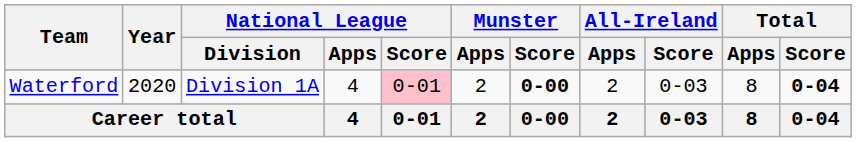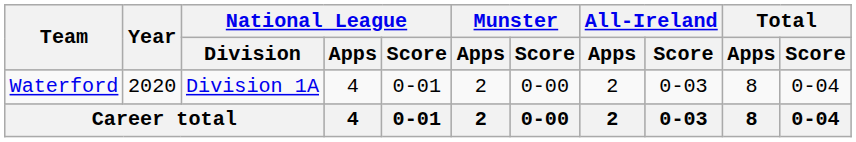 <table class="wikitable" style="text-align:center">
 <tr>
 <th rowspan="2">Team</th>
 <th rowspan="2">Year</th>
 <th colspan="3"><a href='#'>National League</a></th>
 <th colspan="2"><a href='#'>Munster</a></th>
 <th colspan="2"><a href='#'>All-Ireland</a></th>
 <th colspan="2">Total</th>
 </tr>
 <tr>
 <th>Division</th>
 <th>Apps</th>
 <th>Score</th>
 <th>Apps</th>
 <th>Score</th>
 <th>Apps</th>
 <th>Score</th>
 <th>Apps</th>
 <th>Score</th>
 </tr>
 <tr>
 <td rowspan="1"><a href='#'>Waterford</a></td>
 <td>2020</td>
 <td rowspan="1"><a href='#'>Division 1A</a></td>
 <td>4</td>
-<td style="background: pink;">0-01</td>
+<td>0-01</td>
 <td>2</td>
-<td><strong>0-00</strong></td>
+<td>0-00</td>
 <td>2</td>
 <td>0-03</td>
 <td>8</td>
-<td><strong>0-04</strong></td>
+<td>0-04</td>
 </tr>
 <tr>
 <th colspan="3">Career total</th>
 <th>4</th>
 <th>0-01</th>
 <th>2</th>
 <th>0-00</th>
 <th>2</th>
 <th>0-03</th>
 <th>8</th>
 <th>0-04</th>
 </tr>
 </table>
